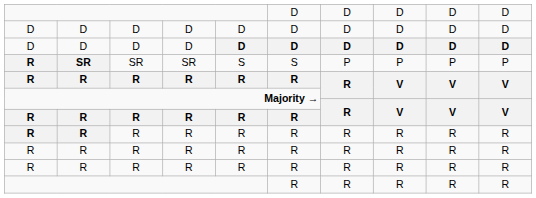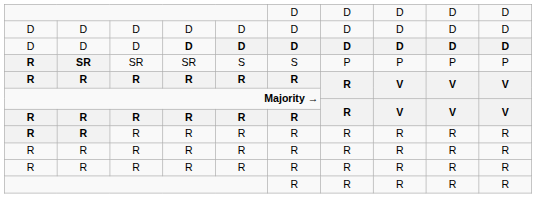 <table class="wikitable" style="text-align:center" width=800px>
 <tr>
 <td colspan=5></td>
 <td>D</td>
 <td>D</td>
 <td>D</td>
 <td>D</td>
 <td>D</td>
 </tr>
 <tr>
 <td width=50px >D</td>
 <td width=50px >D</td>
 <td width=50px >D</td>
 <td width=50px >D</td>
 <td width=50px >D</td>
 <td width=50px >D</td>
 <td width=50px >D</td>
 <td width=50px >D</td>
 <td width=50px >D</td>
 <td width=50px >D</td>
 </tr>
 <tr>
 <td>D</td>
 <td>D</td>
 <td>D</td>
-<td>D</td>
+<td><strong>D</strong></td>
 <th>D<br></th>
 <th>D<br></th>
 <th>D<br></th>
 <th>D<br></th>
 <th>D<br></th>
 <th>D<br></th>
 </tr>
 <tr>
 <th>R<br></th>
 <th>SR<br></th>
 <td>SR</td>
 <td>SR</td>
 <td>S</td>
 <td>S</td>
 <td>P</td>
 <td>P</td>
 <td>P</td>
 <td>P</td>
 </tr>
 <tr>
 <th>R<br></th>
 <th>R<br></th>
 <th>R<br></th>
 <th>R<br></th>
 <th>R<br></th>
 <th>R<br></th>
 <th rowspan=2 >R<br></th>
 <th rowspan=2 >V<br></th>
 <th rowspan=2 >V<br></th>
 <th rowspan=2 >V<br></th>
 </tr>
 <tr style="height:1em">
 <td rowspan=2 colspan=6 align=right><strong>Majority →</strong></td>
 </tr>
 <tr style="height:1em">
 <th rowspan=2 >R<br></th>
 <th rowspan=2 >V<br></th>
 <th rowspan=2 >V<br></th>
 <th rowspan=2 >V<br></th>
 </tr>
 <tr style="height:1em">
 <th>R<br></th>
 <th>R<br></th>
 <th>R<br></th>
 <th>R<br></th>
 <th>R<br></th>
 <th>R<br></th>
 </tr>
 <tr>
 <th>R<br></th>
 <th>R<br></th>
 <td>R</td>
 <td>R</td>
 <td>R</td>
 <td>R</td>
 <td>R</td>
 <td>R</td>
 <td>R</td>
 <td>R</td>
 </tr>
 <tr>
 <td>R</td>
 <td>R</td>
 <td>R</td>
 <td>R</td>
 <td>R</td>
 <td>R</td>
 <td>R</td>
 <td>R</td>
 <td>R</td>
 <td>R</td>
 </tr>
 <tr>
 <td>R</td>
 <td>R</td>
 <td>R</td>
 <td>R</td>
 <td>R</td>
 <td>R</td>
 <td>R</td>
 <td>R</td>
 <td>R</td>
 <td>R</td>
 </tr>
 <tr>
 <td colspan=5></td>
 <td>R</td>
 <td>R</td>
 <td>R</td>
 <td>R</td>
 <td>R</td>
 </tr>
 </table>
